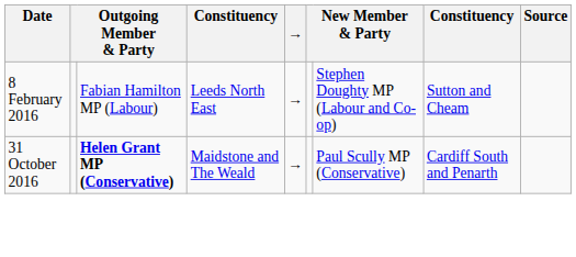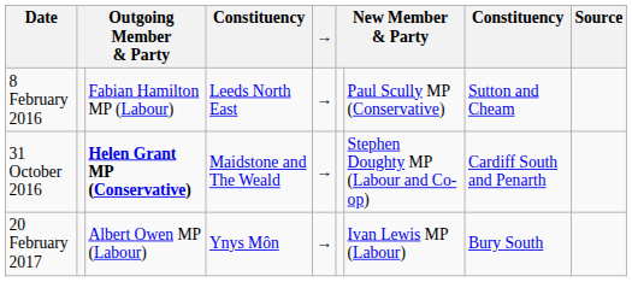 <table class="wikitable">
 <tr>
 <th valign="top">Date</th>
 <th colspan="2" valign="top">Outgoing Member<br>& Party</th>
 <th valign="top">Constituency</th>
 <th>→</th>
 <th colspan="2" valign="top">New Member<br>& Party</th>
 <th valign="top">Constituency</th>
 <th valign="top">Source</th>
 </tr>
 <tr>
 <td>8 February 2016</td>
 <td style="color:inherit;background:"></td>
 <td><a href='#'>Fabian Hamilton</a> MP (<a href='#'>Labour</a>)</td>
 <td><a href='#'>Leeds North East</a></td>
 <td>→</td>
 <td style="color:inherit;background:"></td>
-<td><a href='#'>Stephen Doughty</a> MP (<a href='#'>Labour and Co-op</a>)</td>
+<td><a href='#'>Paul Scully</a> MP (<a href='#'>Conservative</a>)</td>
 <td><a href='#'>Sutton and Cheam</a></td>
 <td></td>
 </tr>
 <tr>
 <td>31 October 2016</td>
 <td style="color:inherit;background:"></td>
 <td><strong><a href='#'>Helen Grant</a> MP (<a href='#'>Conservative</a>)</strong></td>
 <td><a href='#'>Maidstone and The Weald</a></td>
 <td>→</td>
 <td style="color:inherit;background:"></td>
-<td><a href='#'>Paul Scully</a> MP (<a href='#'>Conservative</a>)</td>
+<td><a href='#'>Stephen Doughty</a> MP (<a href='#'>Labour and Co-op</a>)</td>
 <td><a href='#'>Cardiff South and Penarth</a></td>
 <td></td>
 </tr>
+<tr>
+<td>20 February 2017</td>
+<td style="color:inherit;background:"></td>
+<td><a href='#'>Albert Owen</a> MP (<a href='#'>Labour</a>)</td>
+<td><a href='#'>Ynys Môn</a></td>
+<td>→</td>
+<td style="color:inherit;background:"></td>
+<td><a href='#'>Ivan Lewis</a> MP (<a href='#'>Labour</a>)</td>
+<td><a href='#'>Bury South</a></td>
+<td></td>
+</tr>
 </table>
